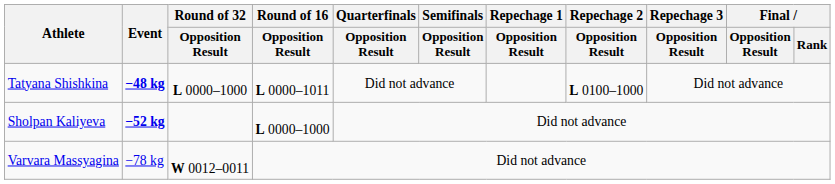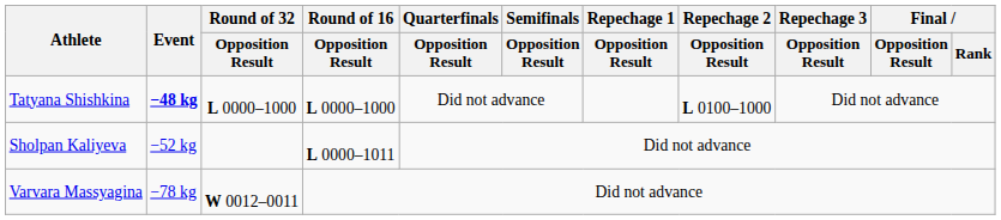 <table class="wikitable" style="font-size:90%">
 <tr>
 <th rowspan="2">Athlete</th>
 <th rowspan="2">Event</th>
 <th>Round of 32</th>
 <th>Round of 16</th>
 <th>Quarterfinals</th>
 <th>Semifinals</th>
 <th>Repechage 1</th>
 <th>Repechage 2</th>
 <th>Repechage 3</th>
 <th colspan=2>Final / </th>
 </tr>
 <tr style="font-size:95%">
 <th>Opposition<br>Result</th>
 <th>Opposition<br>Result</th>
 <th>Opposition<br>Result</th>
 <th>Opposition<br>Result</th>
 <th>Opposition<br>Result</th>
 <th>Opposition<br>Result</th>
 <th>Opposition<br>Result</th>
 <th>Opposition<br>Result</th>
 <th>Rank</th>
 </tr>
 <tr align=center>
 <td align=left><a href='#'>Tatyana Shishkina</a></td>
 <td align=left><strong><a href='#'>−48 kg</a></strong></td>
 <td><br><strong>L</strong> 0000–1000</td>
-<td><br><strong>L</strong> 0000–1011</td>
+<td><br><strong>L</strong> 0000–1000</td>
 <td colspan=2>Did not advance</td>
 <td></td>
 <td><br><strong>L</strong> 0100–1000</td>
 <td colspan=3>Did not advance</td>
 </tr>
 <tr align=center>
 <td align=left><a href='#'>Sholpan Kaliyeva</a></td>
-<td align=left><strong><a href='#'>−52 kg</a></strong></td>
+<td align=left><a href='#'>−52 kg</a></td>
 <td></td>
-<td><br><strong>L</strong> 0000–1000</td>
+<td><br><strong>L</strong> 0000–1011</td>
 <td colspan=7>Did not advance</td>
 </tr>
 <tr align=center>
 <td align=left><a href='#'>Varvara Massyagina</a></td>
 <td align=left><a href='#'>−78 kg</a></td>
 <td><br><strong>W</strong> 0012–0011</td>
 <td colspan=8>Did not advance</td>
 </tr>
 </table>
